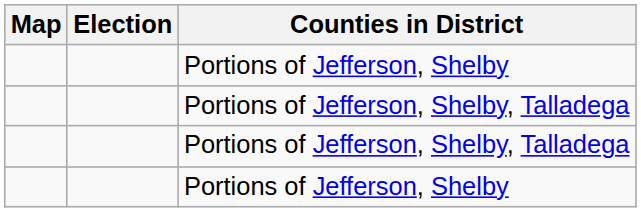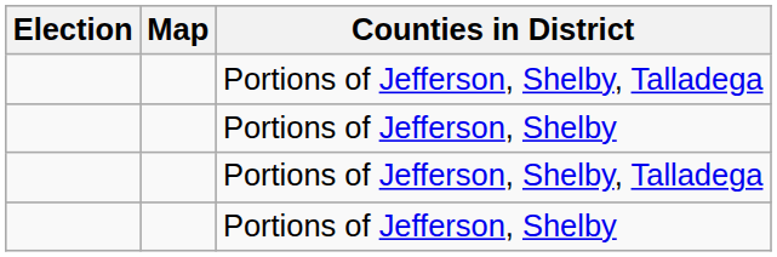 <table class="wikitable">
 <tr>
+<th>Election</th>
 <th>Map</th>
-<th>Election</th>
 <th>Counties in District</th>
+</tr>
+<tr>
+<td></td>
+<td></td>
+<td>Portions of <a href='#'>Jefferson</a>, <a href='#'>Shelby</a>, <a href='#'>Talladega</a></td>
 </tr>
 <tr>
 <td></td>
 <td></td>
 <td>Portions of <a href='#'>Jefferson</a>, <a href='#'>Shelby</a></td>
 </tr>
 <tr>
 <td></td>
 <td></td>
 <td>Portions of <a href='#'>Jefferson</a>, <a href='#'>Shelby</a>, <a href='#'>Talladega</a></td>
 </tr>
 <tr>
 <td></td>
 <td></td>
-<td>Portions of <a href='#'>Jefferson</a>, <a href='#'>Shelby</a>, <a href='#'>Talladega</a></td>
-</tr>
-<tr>
-<td></td>
-<td></td>
 <td>Portions of <a href='#'>Jefferson</a>, <a href='#'>Shelby</a></td>
 </tr>
 </table>
